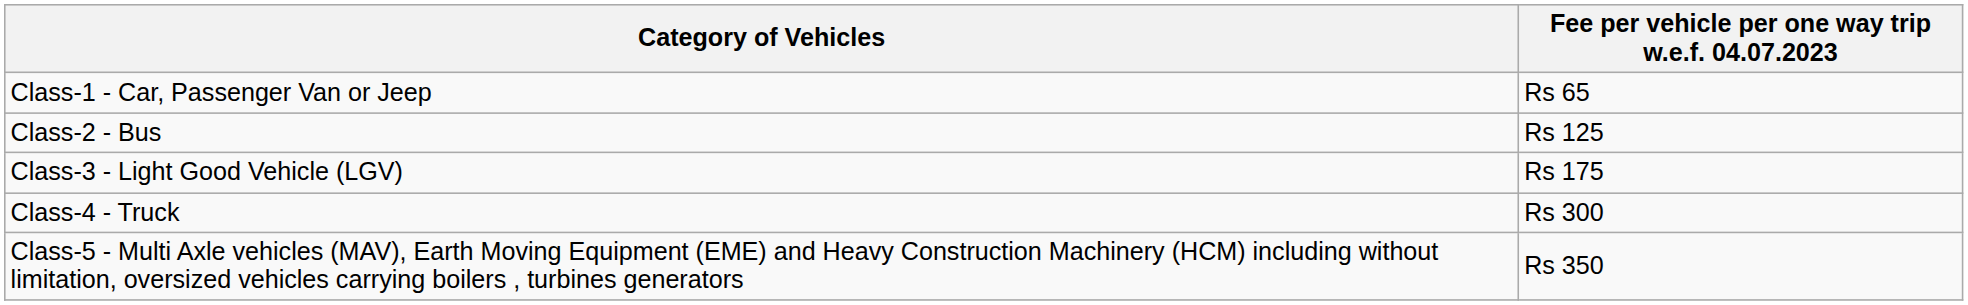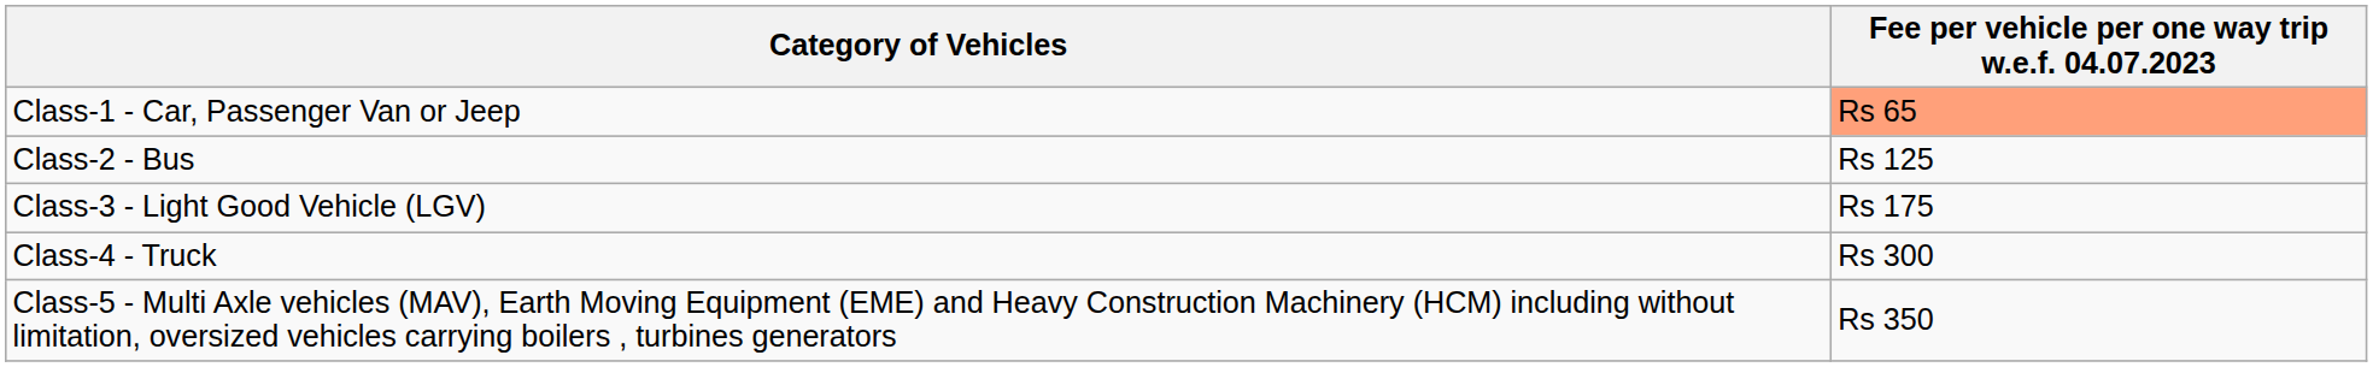 <table class="wikitable">
 <tr>
 <th>Category of Vehicles</th>
 <th>Fee per vehicle per one way trip w.e.f. 04.07.2023</th>
 </tr>
 <tr>
 <td>Class-1 - Car, Passenger Van or Jeep</td>
-<td>Rs 65</td>
+<td style="background: lightsalmon;">Rs 65</td>
 </tr>
 <tr>
 <td>Class-2 - Bus</td>
 <td>Rs 125</td>
 </tr>
 <tr>
 <td>Class-3 - Light Good Vehicle (LGV)</td>
 <td>Rs 175</td>
 </tr>
 <tr>
 <td>Class-4 - Truck</td>
 <td>Rs 300</td>
 </tr>
 <tr>
 <td>Class-5 - Multi Axle vehicles (MAV), Earth Moving Equipment (EME) and Heavy Construction Machinery (HCM) including without limitation, oversized vehicles carrying boilers , turbines generators</td>
 <td>Rs 350</td>
 </tr>
 </table>
